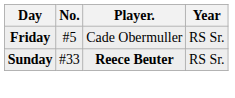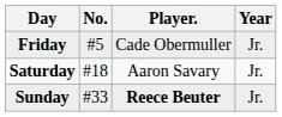 <table class="wikitable non-sortable">
 <tr>
 <th style="text-align:center; ">Day</th>
 <th style="text-align:center; ">No.</th>
 <th style="text-align:center; ">Player.</th>
 <th style="text-align:center; ">Year</th>
 </tr>
 <tr style="background:#eeeeee;text-align:center;">
 <td><strong>Friday</strong></td>
 <td>#5</td>
 <td>Cade Obermuller</td>
-<td>RS Sr.</td>
+<td>Jr.</td>
+</tr>
+<tr style="text-align:center;">
+<td><strong>Saturday</strong></td>
+<td>#18</td>
+<td>Aaron Savary</td>
+<td>Jr.</td>
 </tr>
 <tr style="background:#eeeeee;text-align:center;">
 <td><strong>Sunday</strong></td>
 <td>#33</td>
 <td><strong>Reece Beuter</strong></td>
-<td>RS Sr.</td>
+<td>Jr.</td>
 </tr>
 </table>
